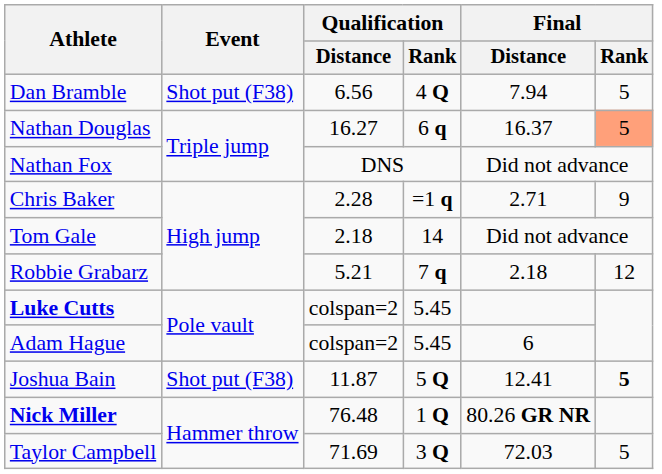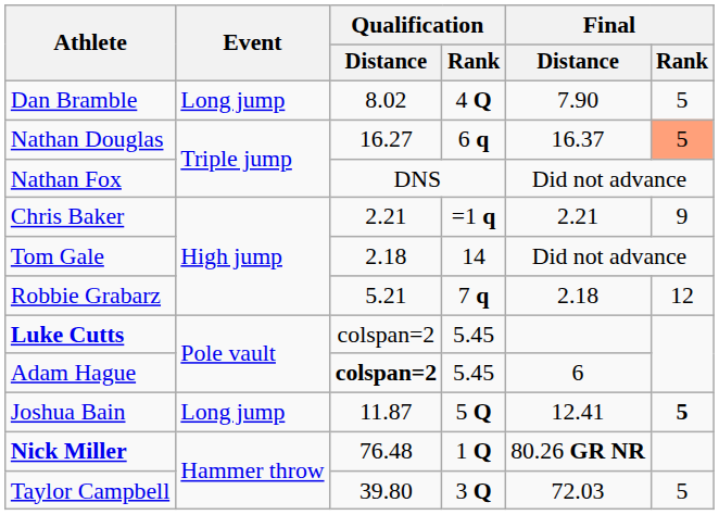 <table class="wikitable" style="font-size:90%">
 <tr>
 <th rowspan=2>Athlete</th>
 <th rowspan=2>Event</th>
 <th colspan=2>Qualification</th>
 <th colspan=2>Final</th>
 </tr>
 <tr style="font-size:95%">
 <th>Distance</th>
 <th>Rank</th>
 <th>Distance</th>
 <th>Rank</th>
 </tr>
 <tr align=center>
 <td align=left><a href='#'>Dan Bramble</a></td>
-<td style="text-align:left;" rowspan="1"><a href='#'>Shot put (F38)</a></td>
-<td>6.56</td>
+<td style="text-align:left;" rowspan="1"><a href='#'>Long jump</a></td>
+<td>8.02</td>
 <td>4 <strong>Q</strong></td>
-<td>7.94</td>
+<td>7.90</td>
 <td>5</td>
 </tr>
 <tr align=center>
 <td align=left><a href='#'>Nathan Douglas</a></td>
 <td style="text-align:left;" rowspan="2"><a href='#'>Triple jump</a></td>
 <td>16.27</td>
 <td>6 <strong>q</strong></td>
 <td>16.37</td>
 <td style="background: lightsalmon;">5</td>
 </tr>
 <tr align=center>
 <td align=left><a href='#'>Nathan Fox</a></td>
 <td colspan=2>DNS</td>
 <td colspan=2>Did not advance</td>
 </tr>
 <tr align=center>
 <td align=left><a href='#'>Chris Baker</a></td>
 <td style="text-align:left;" rowspan="3"><a href='#'>High jump</a></td>
-<td>2.28</td>
+<td>2.21</td>
 <td>=1 <strong>q</strong></td>
-<td>2.71</td>
+<td>2.21</td>
 <td>9</td>
 </tr>
 <tr align=center>
 <td align=left><a href='#'>Tom Gale</a></td>
 <td>2.18</td>
 <td>14</td>
 <td colspan=2>Did not advance</td>
 </tr>
 <tr align=center>
 <td align=left><a href='#'>Robbie Grabarz</a></td>
 <td>5.21</td>
 <td>7 <strong>q</strong></td>
 <td>2.18</td>
 <td>12</td>
 </tr>
 <tr align=center>
 <td align=left><strong><a href='#'>Luke Cutts</a></strong></td>
 <td style="text-align:left;" rowspan="2"><a href='#'>Pole vault</a></td>
 <td>colspan=2 </td>
 <td>5.45</td>
 <td></td>
 </tr>
 <tr align=center>
 <td align=left><a href='#'>Adam Hague</a></td>
-<td>colspan=2 </td>
+<td><strong>colspan=2 </strong></td>
 <td>5.45</td>
 <td>6</td>
 </tr>
 <tr align=center>
 <td align=left><a href='#'>Joshua Bain</a></td>
-<td style="text-align:left;" rowspan="1"><a href='#'>Shot put (F38)</a></td>
+<td style="text-align:left;" rowspan="1"><a href='#'>Long jump</a></td>
 <td>11.87</td>
 <td>5 <strong>Q</strong></td>
 <td>12.41</td>
 <td><strong>5</strong></td>
 </tr>
 <tr align=center>
 <td align=left><strong><a href='#'>Nick Miller</a></strong></td>
 <td style="text-align:left;" rowspan="2"><a href='#'>Hammer throw</a></td>
 <td>76.48</td>
 <td>1 <strong>Q</strong></td>
 <td>80.26 <strong>GR</strong> <strong>NR</strong></td>
 <td></td>
 </tr>
 <tr align=center>
 <td align=left><a href='#'>Taylor Campbell</a></td>
-<td>71.69</td>
+<td>39.80</td>
 <td>3 <strong>Q</strong></td>
 <td>72.03</td>
 <td>5</td>
 </tr>
 </table>
